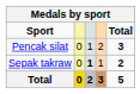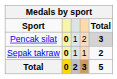 <table class=wikitable style="font-size:85%; float:right;text-align:center">
 <tr bgcolor=EFEFEF>
 <th colspan=7>Medals by sport</th>
 </tr>
 <tr>
 <td><strong>Sport</strong></td>
 <td bgcolor=F7F6A8></td>
 <td bgcolor=DCE5E5></td>
 <td bgcolor=FFDBA9></td>
 <td><strong>Total</strong></td>
 </tr>
 <tr>
 <td><a href='#'>Pencak silat</a></td>
-<td bgcolor=F7F6A8>0</td>
+<td bgcolor=F7F6A8><strong>0</strong></td>
 <td bgcolor=DCE5E5>1</td>
 <td bgcolor=FFDAB9>2</td>
-<td><strong>3</strong></td>
+<td style="background: lightgrey;"><strong>3</strong></td>
 </tr>
 <tr>
 <td><a href='#'>Sepak takraw</a></td>
-<td bgcolor=F7F6A8>0</td>
-<td bgcolor=DCE5E5><strong>1</strong></td>
+<td bgcolor=F7F6A8><strong>0</strong></td>
+<td bgcolor=DCE5E5>1</td>
 <td bgcolor=FFDAB9>1</td>
 <td><strong>2</strong></td>
 </tr>
 <tr>
 <th>Total</th>
 <td style="background:gold;"><strong>0</strong></td>
 <td style="background:silver;"><strong>2</strong></td>
 <td style="background:#c96;"><strong>3</strong></td>
 <td><strong>5</strong></td>
 </tr>
 </table>
